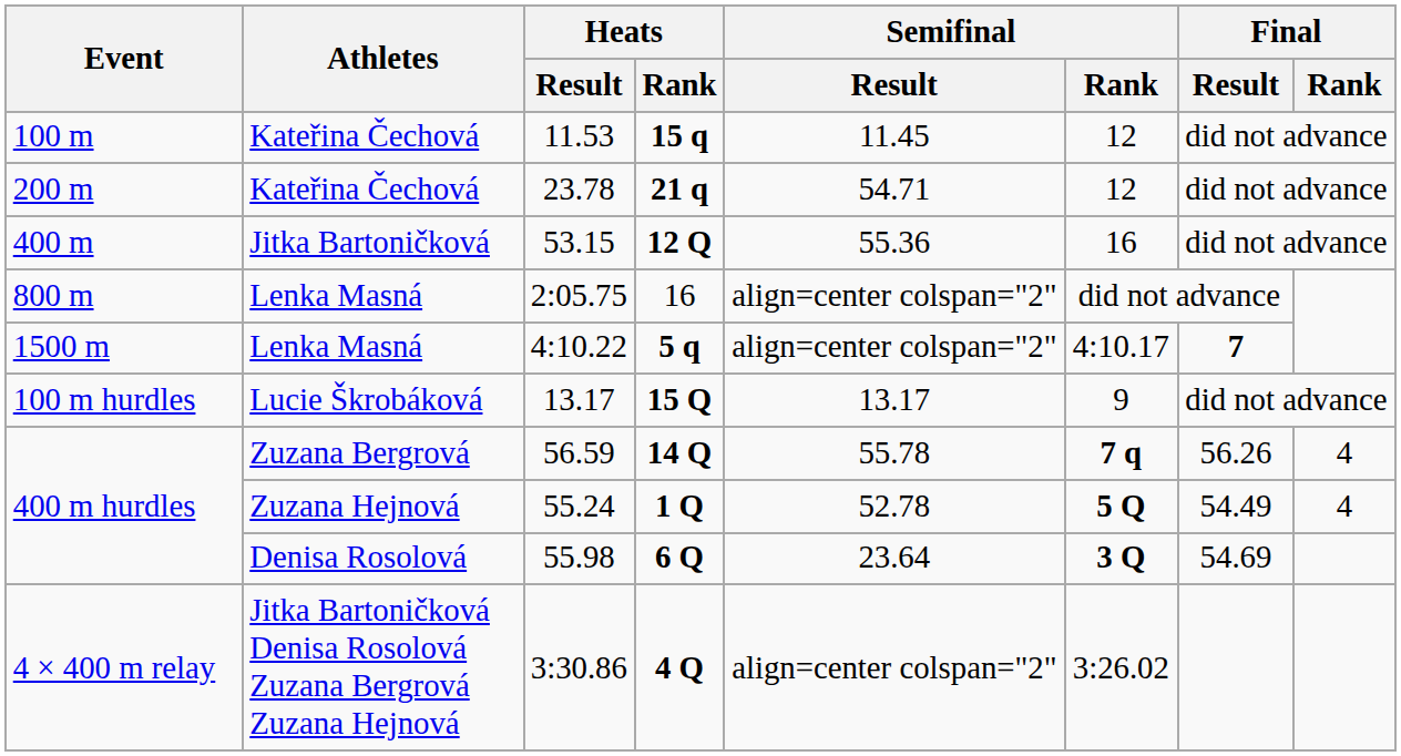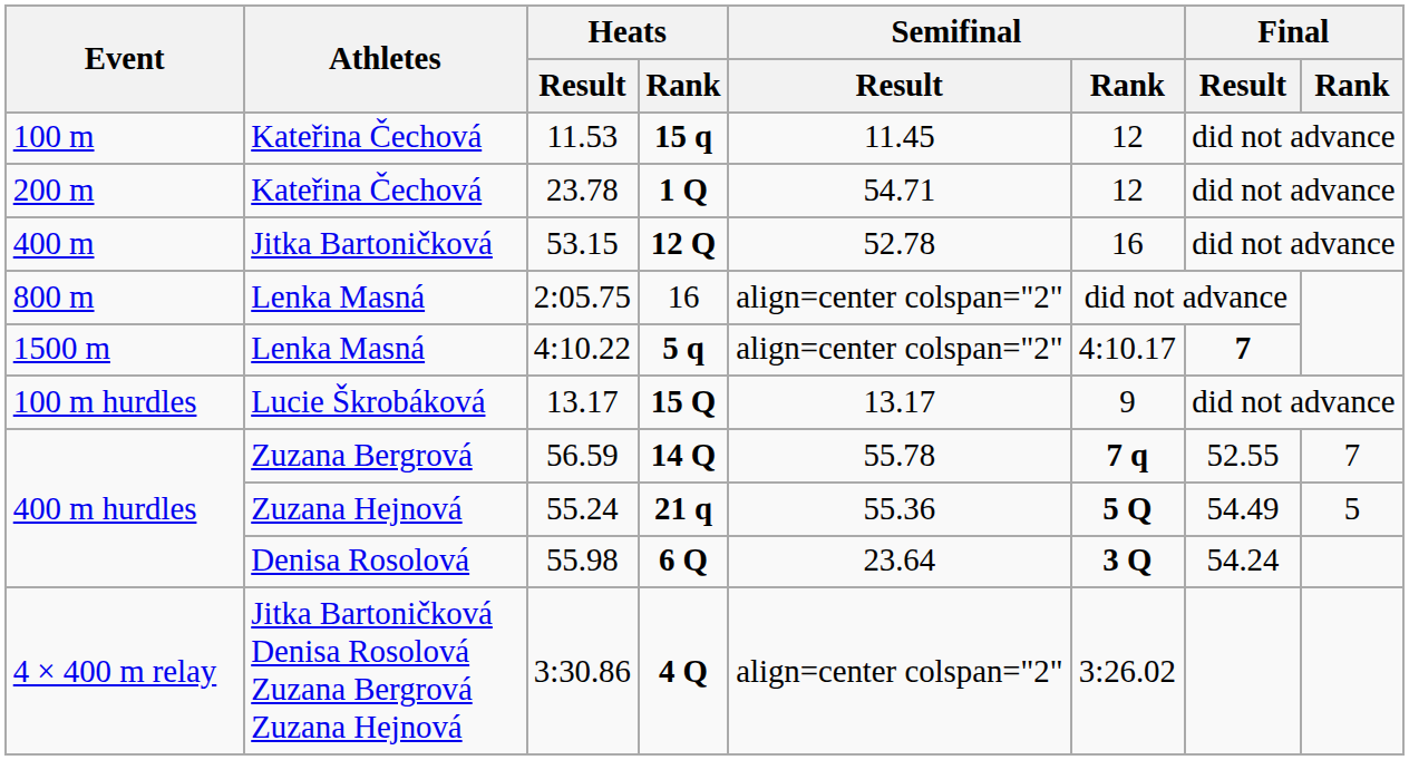 <table class="wikitable" border="1" style="font-size:90%">
 <tr>
 <th rowspan="2" width=100>Event</th>
 <th rowspan="2" width=120>Athletes</th>
 <th colspan="2">Heats</th>
 <th colspan="2">Semifinal</th>
 <th colspan="2">Final</th>
 </tr>
 <tr>
 <th>Result</th>
 <th>Rank</th>
 <th>Result</th>
 <th>Rank</th>
 <th>Result</th>
 <th>Rank</th>
 </tr>
 <tr>
 <td><a href='#'>100 m</a></td>
 <td><a href='#'>Kateřina Čechová</a></td>
 <td align=center>11.53</td>
 <td align=center><strong>15 q</strong></td>
 <td align=center>11.45</td>
 <td align=center>12</td>
 <td align=center colspan="2">did not advance</td>
 </tr>
 <tr>
 <td><a href='#'>200 m</a></td>
 <td><a href='#'>Kateřina Čechová</a></td>
 <td align=center>23.78</td>
-<td align=center><strong>21 q</strong></td>
+<td align=center><strong>1 Q</strong></td>
 <td align=center>54.71</td>
 <td align=center>12</td>
 <td align=center colspan="2">did not advance</td>
 </tr>
 <tr>
 <td><a href='#'>400 m</a></td>
 <td><a href='#'>Jitka Bartoničková</a></td>
 <td align=center>53.15</td>
 <td align=center><strong>12 Q</strong></td>
-<td align=center>55.36</td>
+<td align=center>52.78</td>
 <td align=center>16</td>
 <td align=center colspan="2">did not advance</td>
 </tr>
 <tr>
 <td><a href='#'>800 m</a></td>
 <td><a href='#'>Lenka Masná</a></td>
 <td align=center>2:05.75</td>
 <td align=center>16</td>
 <td>align=center colspan="2" </td>
 <td align=center colspan="2">did not advance</td>
 </tr>
 <tr>
 <td><a href='#'>1500 m</a></td>
 <td><a href='#'>Lenka Masná</a></td>
 <td align=center>4:10.22</td>
 <td align=center><strong>5 q</strong></td>
 <td>align=center colspan="2" </td>
 <td align=center>4:10.17</td>
 <td align=center><strong>7</strong></td>
 </tr>
 <tr>
 <td><a href='#'>100 m hurdles</a></td>
 <td><a href='#'>Lucie Škrobáková</a></td>
 <td align=center>13.17</td>
 <td align=center><strong>15 Q</strong></td>
 <td align=center>13.17</td>
 <td align=center>9</td>
 <td align=center colspan="2">did not advance</td>
 </tr>
 <tr>
 <td rowspan=3><a href='#'>400 m hurdles</a></td>
 <td><a href='#'>Zuzana Bergrová</a></td>
 <td align=center>56.59</td>
 <td align=center><strong>14 Q</strong></td>
 <td align=center>55.78</td>
 <td align=center><strong>7 q</strong></td>
-<td align=center>56.26</td>
-<td align=center>4</td>
+<td align=center>52.55</td>
+<td align=center>7</td>
 </tr>
 <tr>
 <td><a href='#'>Zuzana Hejnová</a></td>
 <td align=center>55.24</td>
-<td align=center><strong>1 Q</strong></td>
-<td align=center>52.78</td>
+<td align=center><strong>21 q</strong></td>
+<td align=center>55.36</td>
 <td align=center><strong>5 Q</strong></td>
 <td align=center>54.49</td>
-<td align=center>4</td>
+<td align=center>5</td>
 </tr>
 <tr>
 <td><a href='#'>Denisa Rosolová</a></td>
 <td align=center>55.98</td>
 <td align=center><strong>6 Q</strong></td>
 <td align=center>23.64</td>
 <td align=center><strong>3 Q</strong></td>
-<td align=center>54.69</td>
+<td align=center>54.24</td>
 <td align=center></td>
 </tr>
 <tr>
 <td><a href='#'>4 × 400 m relay</a></td>
 <td><a href='#'>Jitka Bartoničková</a><br><a href='#'>Denisa Rosolová</a><br><a href='#'>Zuzana Bergrová</a><br><a href='#'>Zuzana Hejnová</a></td>
 <td align=center>3:30.86</td>
 <td align=center><strong>4 Q</strong></td>
 <td>align=center colspan="2" </td>
 <td align=center>3:26.02</td>
 <td align=center></td>
 </tr>
 </table>
